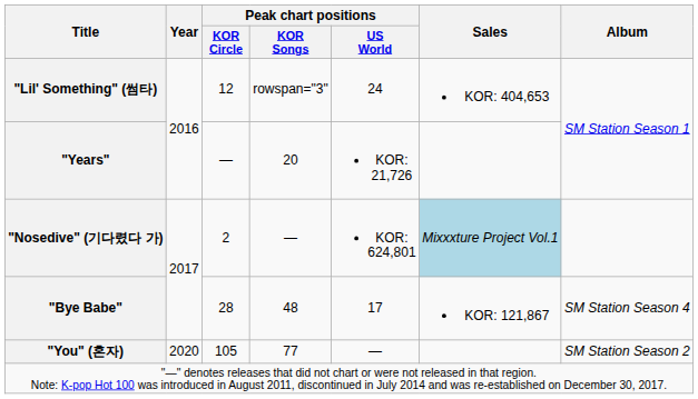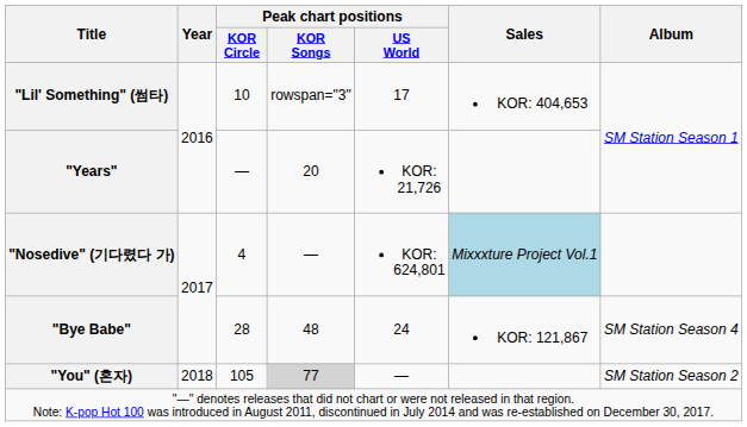 <table class="wikitable plainrowheaders" style="text-align:center">
 <tr>
 <th scope="col" rowspan="2">Title</th>
 <th scope="col" rowspan="2">Year</th>
 <th scope="col" colspan="3">Peak chart positions</th>
 <th scope="col" rowspan="2">Sales</th>
 <th scope="col" rowspan="2">Album</th>
 </tr>
 <tr>
 <th scope="col" style="width:3.5em;font-size:90%"><a href='#'>KOR<br>Circle</a><br></th>
 <th scope="col" style="width:3.5em;font-size:90%"><a href='#'>KOR<br>Songs</a><br></th>
 <th scope="col" style="width:3.5em;font-size:90%"><a href='#'>US<br>World</a><br></th>
 </tr>
 <tr>
 <th scope="row">"Lil' Something" (썸타)<br></th>
 <td rowspan="2">2016</td>
-<td>12</td>
+<td>10</td>
 <td>rowspan="3" </td>
-<td>24</td>
+<td>17</td>
 <td><br><ul><li>KOR: 404,653</li></ul></td>
 <td rowspan="2"><em><a href='#'>SM Station Season 1</a></em></td>
 </tr>
 <tr>
 <th scope="row">"Years"<br></th>
 <td>—</td>
 <td>20</td>
 <td><br><ul><li>KOR: 21,726</li></ul></td>
 </tr>
 <tr>
 <th scope="row">"Nosedive" (기다렸다 가)<br></th>
 <td rowspan="2">2017</td>
-<td>2</td>
+<td>4</td>
 <td>—</td>
 <td><br><ul><li>KOR: 624,801</li></ul></td>
 <td style="background: lightblue;"><em>Mixxxture Project Vol.1</em></td>
 </tr>
 <tr>
 <th scope="row">"Bye Babe"<br></th>
 <td>28</td>
 <td>48</td>
-<td>17</td>
+<td>24</td>
 <td><br><ul><li>KOR: 121,867</li></ul></td>
 <td><em>SM Station Season 4</em></td>
 </tr>
 <tr>
 <th scope="row">"You" (혼자)<br></th>
-<td>2020</td>
+<td>2018</td>
 <td>105</td>
-<td>77</td>
+<td style="background: lightgrey;">77</td>
 <td>—</td>
 <td></td>
 <td><em>SM Station Season 2</em></td>
 </tr>
 <tr>
 <td colspan="7" style="font-size:85%">"—" denotes releases that did not chart or were not released in that region.<br>Note: <a href='#'>K-pop Hot 100</a> was introduced in August 2011, discontinued in July 2014 and was re-established on December 30, 2017.</td>
 </tr>
 </table>
